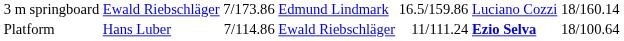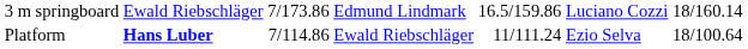 <table>
 <tr valign="top">
 <td>3 m springboard<br></td>
 <td><a href='#'>Ewald Riebschläger</a><br><small></small></td>
 <td align="right">7/173.86</td>
 <td><a href='#'>Edmund Lindmark</a><br><small></small></td>
 <td align="right">16.5/159.86</td>
 <td><a href='#'>Luciano Cozzi</a><br><small></small></td>
 <td align="right">18/160.14</td>
 </tr>
 <tr valign="top">
 <td>Platform<br></td>
-<td><a href='#'>Hans Luber</a><br><small></small></td>
+<td><strong><a href='#'>Hans Luber</a><br><small></small></strong></td>
 <td align="right">7/114.86</td>
 <td><a href='#'>Ewald Riebschläger</a><br><small></small></td>
 <td align="right">11/111.24</td>
-<td><strong><a href='#'>Ezio Selva</a><br><small></small></strong></td>
+<td><a href='#'>Ezio Selva</a><br><small></small></td>
 <td align="right">18/100.64</td>
 </tr>
 </table>
